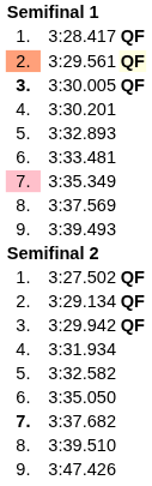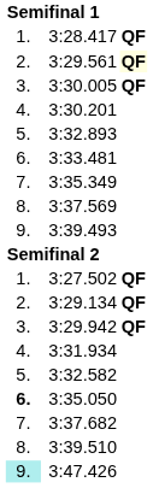 <table style="text-align:center">
 <tr>
 <td colspan=4 align=left><strong>Semifinal 1</strong></td>
 </tr>
 <tr>
 <td width=30>1.</td>
 <td align=left></td>
 <td width=60>3:28.417</td>
 <td><strong>QF</strong></td>
 </tr>
 <tr>
-<td style="background: lightsalmon;">2.</td>
+<td>2.</td>
 <td align=left></td>
 <td>3:29.561</td>
 <td style="background: lightyellow;"><strong>QF</strong></td>
 </tr>
 <tr>
-<td><strong>3.</strong></td>
+<td>3.</td>
 <td align=left></td>
 <td>3:30.005</td>
 <td><strong>QF</strong></td>
 </tr>
 <tr>
 <td>4.</td>
 <td align=left></td>
 <td>3:30.201</td>
 </tr>
 <tr>
 <td>5.</td>
 <td align=left></td>
 <td>3:32.893</td>
 </tr>
 <tr>
 <td>6.</td>
 <td align=left></td>
 <td>3:33.481</td>
 </tr>
 <tr>
-<td style="background: pink;">7.</td>
+<td>7.</td>
 <td align=left></td>
 <td>3:35.349</td>
 </tr>
 <tr>
 <td>8.</td>
 <td align=left></td>
 <td>3:37.569</td>
 </tr>
 <tr>
 <td>9.</td>
 <td align=left></td>
 <td>3:39.493</td>
 </tr>
 <tr>
 <td colspan=4 align=left><strong>Semifinal 2</strong></td>
 </tr>
 <tr>
 <td>1.</td>
 <td align=left></td>
 <td>3:27.502</td>
 <td><strong>QF</strong></td>
 </tr>
 <tr>
 <td>2.</td>
 <td align=left></td>
 <td>3:29.134</td>
 <td><strong>QF</strong></td>
 </tr>
 <tr>
 <td>3.</td>
 <td align=left></td>
 <td>3:29.942</td>
 <td><strong>QF</strong></td>
 </tr>
 <tr>
 <td>4.</td>
 <td align=left></td>
 <td>3:31.934</td>
 </tr>
 <tr>
 <td>5.</td>
 <td align=left></td>
 <td>3:32.582</td>
 </tr>
 <tr>
-<td>6.</td>
+<td><strong>6.</strong></td>
 <td align=left></td>
 <td>3:35.050</td>
 </tr>
 <tr>
-<td><strong>7.</strong></td>
+<td>7.</td>
 <td align=left></td>
 <td>3:37.682</td>
 </tr>
 <tr>
 <td>8.</td>
 <td align=left></td>
 <td>3:39.510</td>
 </tr>
 <tr>
-<td>9.</td>
+<td style="background: paleturquoise;">9.</td>
 <td align=left></td>
 <td>3:47.426</td>
 </tr>
 </table>
